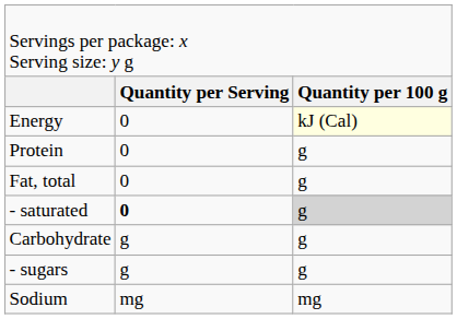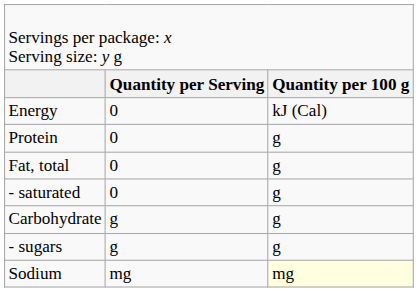 <table class="wikitable">
 <tr>
 <td colspan="3"><br>Servings per package: <em>x</em><br>Serving size: <em>y</em> g</td>
 </tr>
 <tr>
 <th></th>
 <th>Quantity per Serving</th>
 <th>Quantity per 100 g</th>
 </tr>
 <tr>
 <td>Energy</td>
 <td>0</td>
-<td style="background: lightyellow;">kJ (Cal)</td>
+<td>kJ (Cal)</td>
 </tr>
 <tr>
 <td>Protein</td>
 <td>0</td>
 <td>g</td>
 </tr>
 <tr>
 <td>Fat, total</td>
 <td>0</td>
 <td>g</td>
 </tr>
 <tr>
 <td>- saturated</td>
-<td><strong>0</strong></td>
-<td style="background: lightgrey;">g</td>
+<td>0</td>
+<td>g</td>
 </tr>
 <tr>
 <td>Carbohydrate</td>
 <td>g</td>
 <td>g</td>
 </tr>
 <tr>
 <td>- sugars</td>
 <td>g</td>
 <td>g</td>
 </tr>
 <tr>
 <td>Sodium</td>
 <td>mg</td>
-<td>mg</td>
+<td style="background: lightyellow;">mg</td>
 </tr>
 </table>
